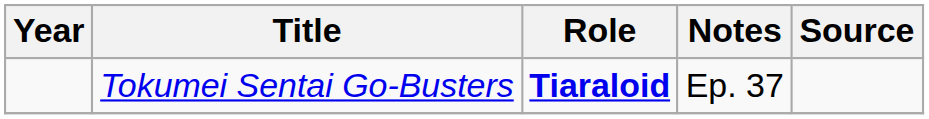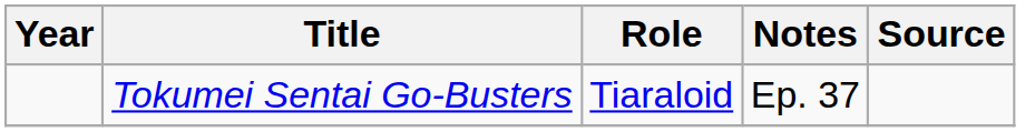 <table class="wikitable sortable plainrowheaders">
 <tr>
 <th>Year</th>
 <th>Title</th>
 <th>Role</th>
 <th class="unsortable">Notes</th>
 <th class="unsortable">Source</th>
 </tr>
 <tr>
 <td></td>
 <td><em><a href='#'>Tokumei Sentai Go-Busters</a></em></td>
-<td><strong><a href='#'>Tiaraloid</a></strong></td>
+<td><a href='#'>Tiaraloid</a></td>
 <td>Ep. 37</td>
 <td></td>
 </tr>
 <tr>
 </tr>
 </table>
